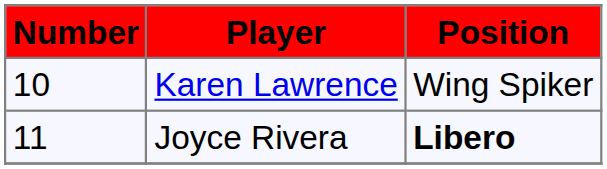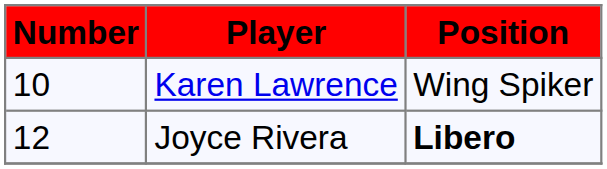 <table bgcolor="#f7f8ff" cellpadding="3" cellspacing="0" border="1" style="font-size: 95%; border: gray solid 1px; border-collapse: collapse;">
 <tr bgcolor="#ff0000">
 <td align=center><strong>Number</strong></td>
 <td align=center><strong>Player</strong></td>
 <td align=center><strong>Position</strong></td>
 </tr>
 <tr align="left">
 <td>10</td>
 <td> <a href='#'>Karen Lawrence</a></td>
 <td>Wing Spiker</td>
 </tr>
 <tr align="left">
-<td>11</td>
+<td>12</td>
 <td> Joyce Rivera</td>
 <td><strong>Libero</strong></td>
 </tr>
 <tr align="left">
 </tr>
 </table>
